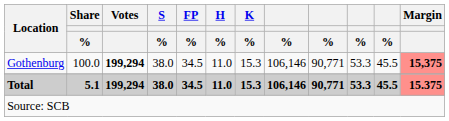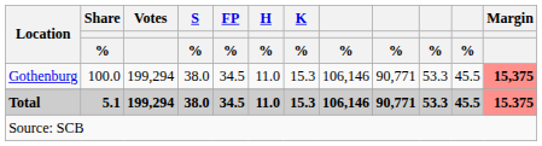 <table class="wikitable sortable" style="text-align:right; font-size:95%; line-height:20px;">
 <tr>
 <th rowspan="3">Location</th>
 <th>Share</th>
 <th>Votes</th>
 <th width="30px" class="unsortable"><a href='#'>S</a></th>
 <th width="30px" class="unsortable"><a href='#'>FP</a></th>
 <th width="30px" class="unsortable"><a href='#'>H</a></th>
 <th width="30px" class="unsortable"><a href='#'>K</a></th>
 <th></th>
 <th></th>
 <th></th>
 <th></th>
 <th>Margin</th>
 </tr>
 <tr>
 <th></th>
 <th></th>
 <th style="background:"></th>
 <th style="background:"></th>
 <th style="background:"></th>
 <th style="background:"></th>
 <th style="background:"></th>
 <th style="background:"></th>
 <th style="background:"></th>
 <th style="background:"></th>
 <th></th>
 </tr>
 <tr>
 <th data-sort-type="number">%</th>
 <th></th>
 <th data-sort-type="number">%</th>
 <th data-sort-type="number">%</th>
 <th data-sort-type="number">%</th>
 <th data-sort-type="number">%</th>
 <th data-sort-type="number">%</th>
 <th data-sort-type="number">%</th>
 <th data-sort-type="number">%</th>
 <th data-sort-type="number">%</th>
 <th data-sort-type="number"></th>
 </tr>
 <tr>
 <td align=left><a href='#'>Gothenburg</a></td>
 <td>100.0</td>
-<td><strong>199,294</strong></td>
+<td>199,294</td>
 <td>38.0</td>
 <td>34.5</td>
 <td>11.0</td>
 <td>15.3</td>
 <td>106,146</td>
 <td>90,771</td>
 <td>53.3</td>
 <td>45.5</td>
 <td bgcolor=#ff908c><strong>15,375</strong></td>
 </tr>
 <tr>
 </tr>
 <tr style="background:#CDCDCD;">
 <td align=left><strong>Total</strong></td>
 <td><strong>5.1</strong></td>
 <td><strong>199,294</strong></td>
 <td><strong>38.0</strong></td>
 <td><strong>34.5</strong></td>
 <td><strong>11.0</strong></td>
 <td><strong>15.3</strong></td>
 <td><strong>106,146</strong></td>
 <td><strong>90,771</strong></td>
 <td><strong>53.3</strong></td>
 <td><strong>45.5</strong></td>
 <td bgcolor=#ff908c><strong>15.375</strong></td>
 </tr>
 <tr>
 <td align=left colspan=12>Source: SCB </td>
 </tr>
 </table>
